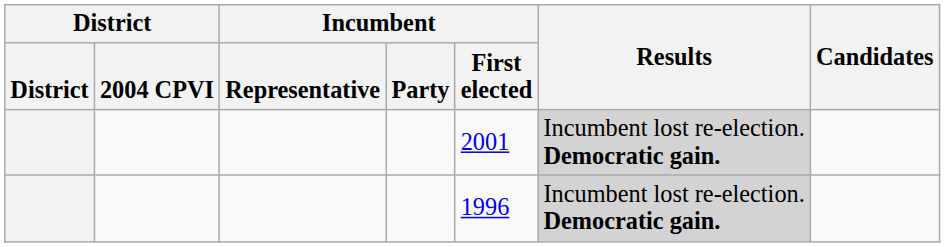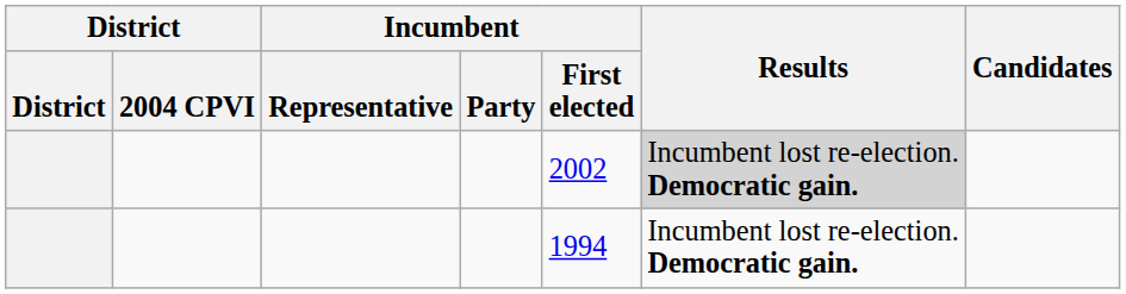 <table class="wikitable sortable">
 <tr>
 <th colspan=2>District</th>
 <th colspan=3>Incumbent</th>
 <th rowspan=2>Results</th>
 <th rowspan=2>Candidates</th>
 </tr>
 <tr valign=bottom>
 <th>District</th>
 <th>2004 CPVI</th>
 <th>Representative</th>
 <th>Party</th>
 <th>First<br>elected</th>
 </tr>
 <tr>
 <th></th>
 <td></td>
 <td></td>
 <td></td>
-<td><a href='#'>2001</a></td>
+<td><a href='#'>2002</a></td>
 <td style="background: lightgrey;">Incumbent lost re-election.<br><strong>Democratic gain.</strong></td>
 <td nowrap></td>
 </tr>
 <tr>
 <th></th>
 <td></td>
 <td></td>
 <td></td>
-<td><a href='#'>1996</a></td>
-<td style="background: lightgrey;">Incumbent lost re-election.<br><strong>Democratic gain.</strong></td>
+<td><a href='#'>1994</a></td>
+<td>Incumbent lost re-election.<br><strong>Democratic gain.</strong></td>
 <td nowrap></td>
 </tr>
 </table>
